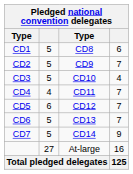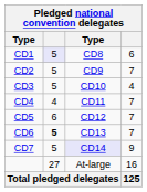 <table class="wikitable sortable" style="font-size:90%;text-align:center;float:none;padding:5px;">
 <tr>
 <th colspan="4">Pledged <a href='#'>national<br>convention</a> delegates</th>
 </tr>
 <tr>
 <th>Type</th>
 <th></th>
 <th>Type</th>
 <th></th>
 </tr>
 <tr>
 <td><a href='#'>CD1</a></td>
-<td>5</td>
+<td style="background: lavender;">5</td>
 <td><a href='#'>CD8</a></td>
 <td>6</td>
 </tr>
 <tr>
 <td><a href='#'>CD2</a></td>
 <td>5</td>
 <td><a href='#'>CD9</a></td>
 <td>7</td>
 </tr>
 <tr>
 <td><a href='#'>CD3</a></td>
 <td>5</td>
 <td><a href='#'>CD10</a></td>
 <td>4</td>
 </tr>
 <tr>
 <td><a href='#'>CD4</a></td>
 <td>4</td>
 <td><a href='#'>CD11</a></td>
 <td>7</td>
 </tr>
 <tr>
 <td><a href='#'>CD5</a></td>
 <td>6</td>
 <td><a href='#'>CD12</a></td>
 <td>7</td>
 </tr>
 <tr>
 <td><a href='#'>CD6</a></td>
-<td>5</td>
+<td><strong>5</strong></td>
 <td><a href='#'>CD13</a></td>
 <td>7</td>
 </tr>
 <tr>
 <td><a href='#'>CD7</a></td>
 <td>5</td>
-<td><a href='#'>CD14</a></td>
+<td style="background: lavender;"><a href='#'>CD14</a></td>
 <td>9</td>
 </tr>
 <tr>
 <td></td>
 <td>27</td>
 <td>At-large</td>
 <td>16</td>
 </tr>
 <tr>
 <th colspan="3">Total pledged delegates</th>
 <th>125</th>
 </tr>
 </table>
